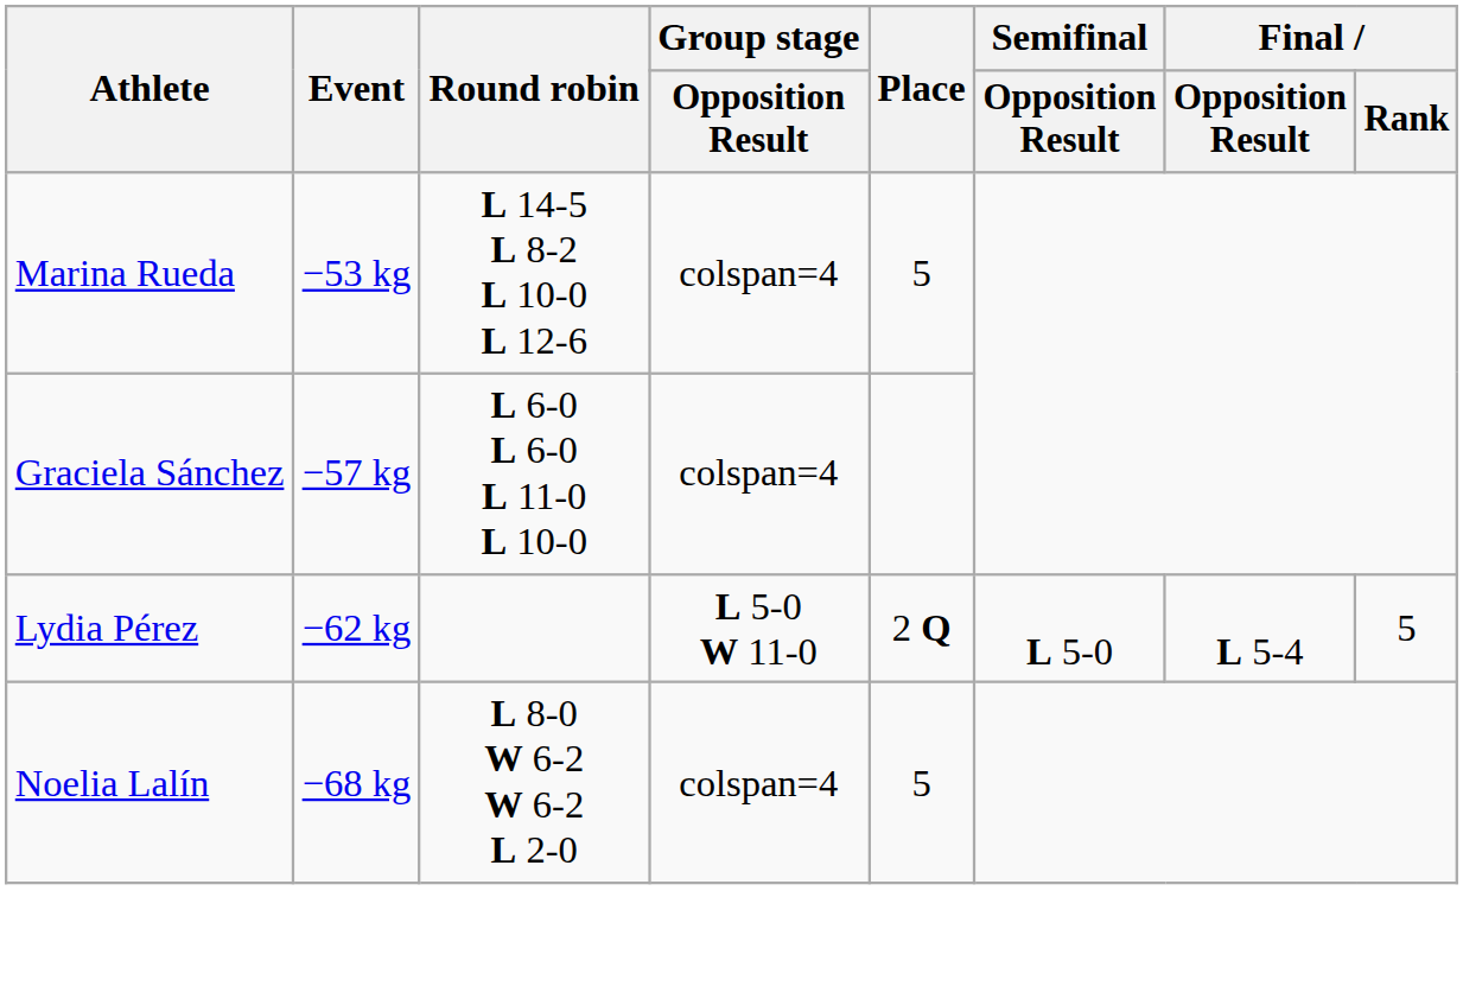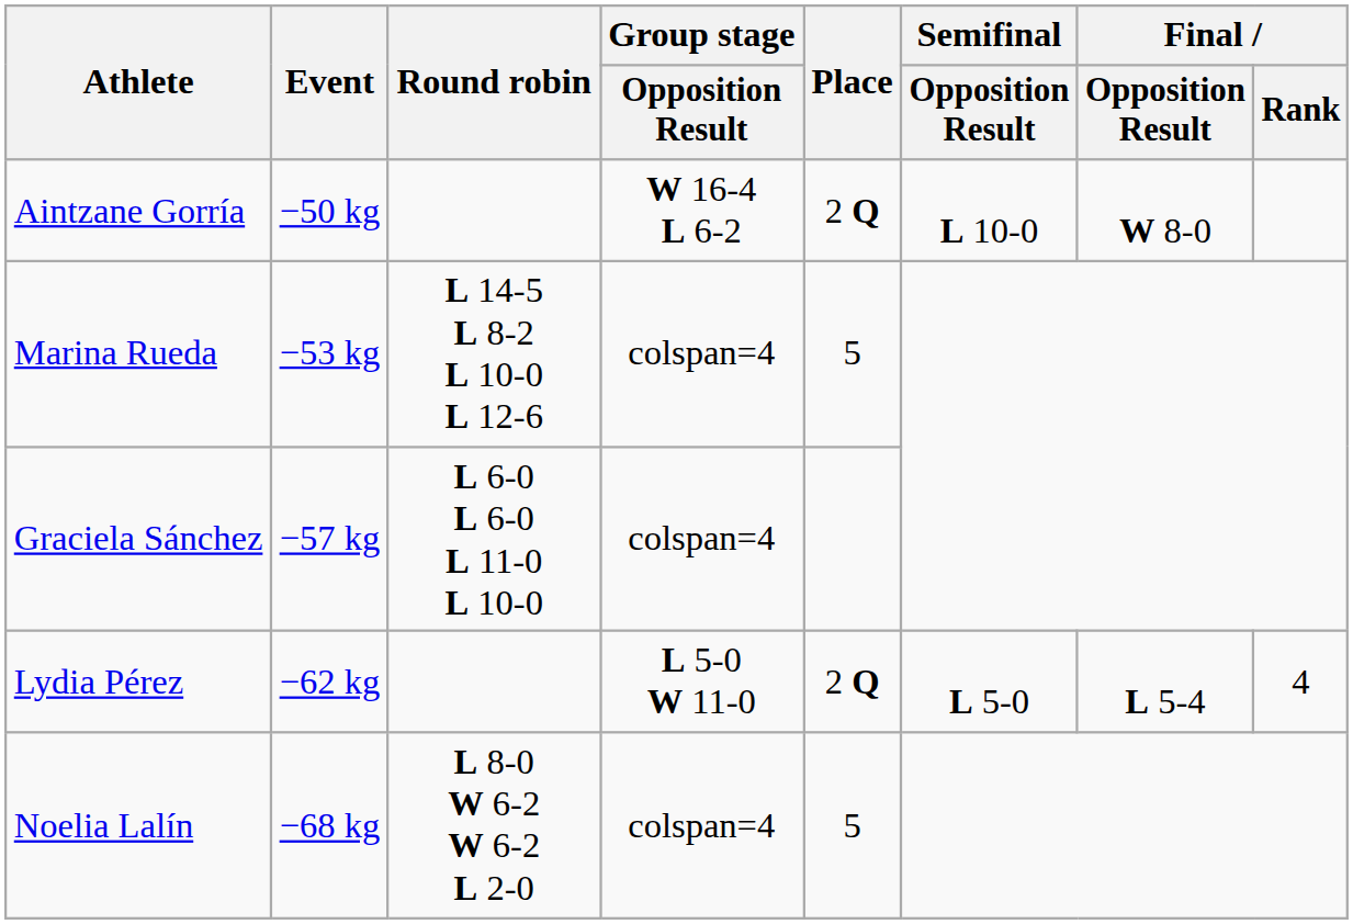 <table class="wikitable" style="font-size:90%">
 <tr>
 <th rowspan="2">Athlete</th>
 <th rowspan="2">Event</th>
 <th rowspan="2">Round robin</th>
 <th>Group stage</th>
 <th rowspan="2">Place</th>
 <th>Semifinal</th>
 <th colspan=2>Final / </th>
 </tr>
 <tr style="font-size: 95%">
 <th>Opposition<br>Result</th>
 <th>Opposition<br>Result</th>
 <th>Opposition<br>Result</th>
 <th>Rank</th>
+</tr>
+<tr align=center>
+<td align=left><a href='#'>Aintzane Gorría</a></td>
+<td align=left><a href='#'>−50 kg</a></td>
+<td></td>
+<td> <strong>W</strong> 16-4<br> <strong>L</strong> 6-2</td>
+<td>2 <strong>Q</strong></td>
+<td> <br><strong>L</strong> 10-0</td>
+<td> <br><strong>W</strong> 8-0</td>
+<td></td>
 </tr>
 <tr align=center>
 <td align=left><a href='#'>Marina Rueda</a></td>
 <td align=left><a href='#'>−53 kg</a></td>
 <td> <strong>L</strong> 14-5<br> <strong>L</strong> 8-2<br> <strong>L</strong> 10-0<br> <strong>L</strong> 12-6</td>
 <td>colspan=4 </td>
 <td>5</td>
 </tr>
 <tr align=center>
 <td align=left><a href='#'>Graciela Sánchez</a></td>
 <td align=left><a href='#'>−57 kg</a></td>
 <td> <strong>L</strong> 6-0<br> <strong>L</strong> 6-0<br> <strong>L</strong> 11-0<br> <strong>L</strong> 10-0<br></td>
 <td>colspan=4 </td>
 <td></td>
 </tr>
 <tr align=center>
 <td align=left><a href='#'>Lydia Pérez</a></td>
 <td align=left><a href='#'>−62 kg</a></td>
 <td></td>
 <td> <strong>L</strong> 5-0<br> <strong>W</strong> 11-0</td>
 <td>2 <strong>Q</strong></td>
 <td> <br><strong>L</strong> 5-0</td>
 <td><br> <strong>L</strong> 5-4</td>
-<td>5</td>
+<td>4</td>
 </tr>
 <tr align=center>
 <td align=left><a href='#'>Noelia Lalín</a></td>
 <td align=left><a href='#'>−68 kg</a></td>
 <td> <strong>L</strong> 8-0<br> <strong>W</strong> 6-2<br> <strong>W</strong> 6-2<br> <strong>L</strong> 2-0</td>
 <td>colspan=4 </td>
 <td>5</td>
 </tr>
 </table>
